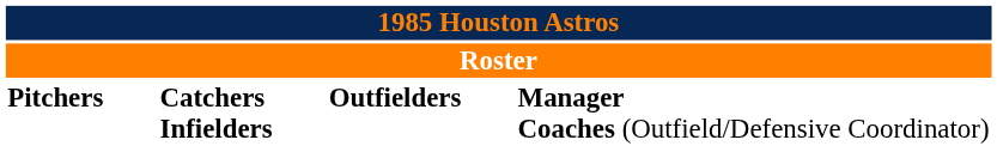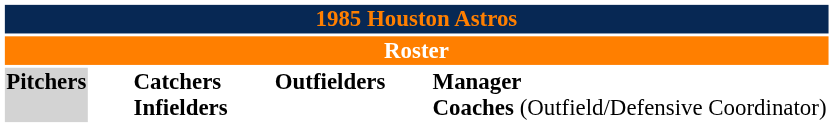 <table class="toccolours" style="text-align: left;">
 <tr>
 <th colspan="10" style="background-color: #072854; color: #FF7F00; text-align: center;">1985 Houston Astros</th>
 </tr>
 <tr>
 <td colspan="10" style="background-color: #FF7F00; color: white; text-align: center;"><strong>Roster</strong></td>
 </tr>
 <tr>
-<td valign="top"><strong>Pitchers</strong><br>               </td>
+<td valign="top" style="background: lightgrey;"><strong>Pitchers</strong><br>               </td>
 <td width="25px"></td>
 <td valign="top"><strong>Catchers</strong><br>   <strong>Infielders</strong>          </td>
 <td width="25px"></td>
 <td valign="top"><strong>Outfielders</strong><br>        </td>
 <td width="25px"></td>
 <td valign="top"><strong>Manager</strong><br> <strong>Coaches</strong>  (Outfield/Defensive Coordinator)    </td>
 </tr>
 </table>
